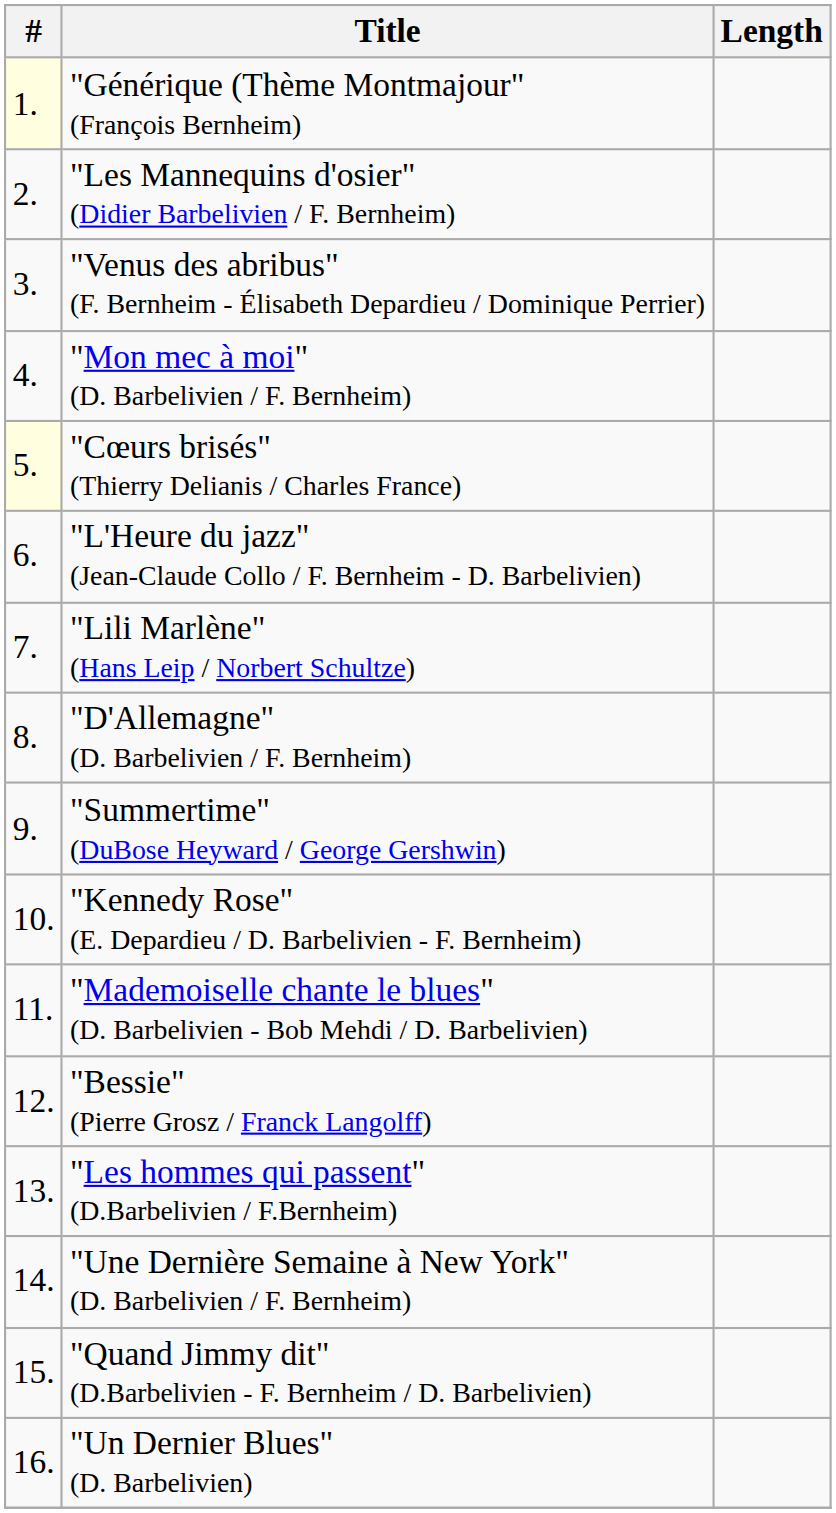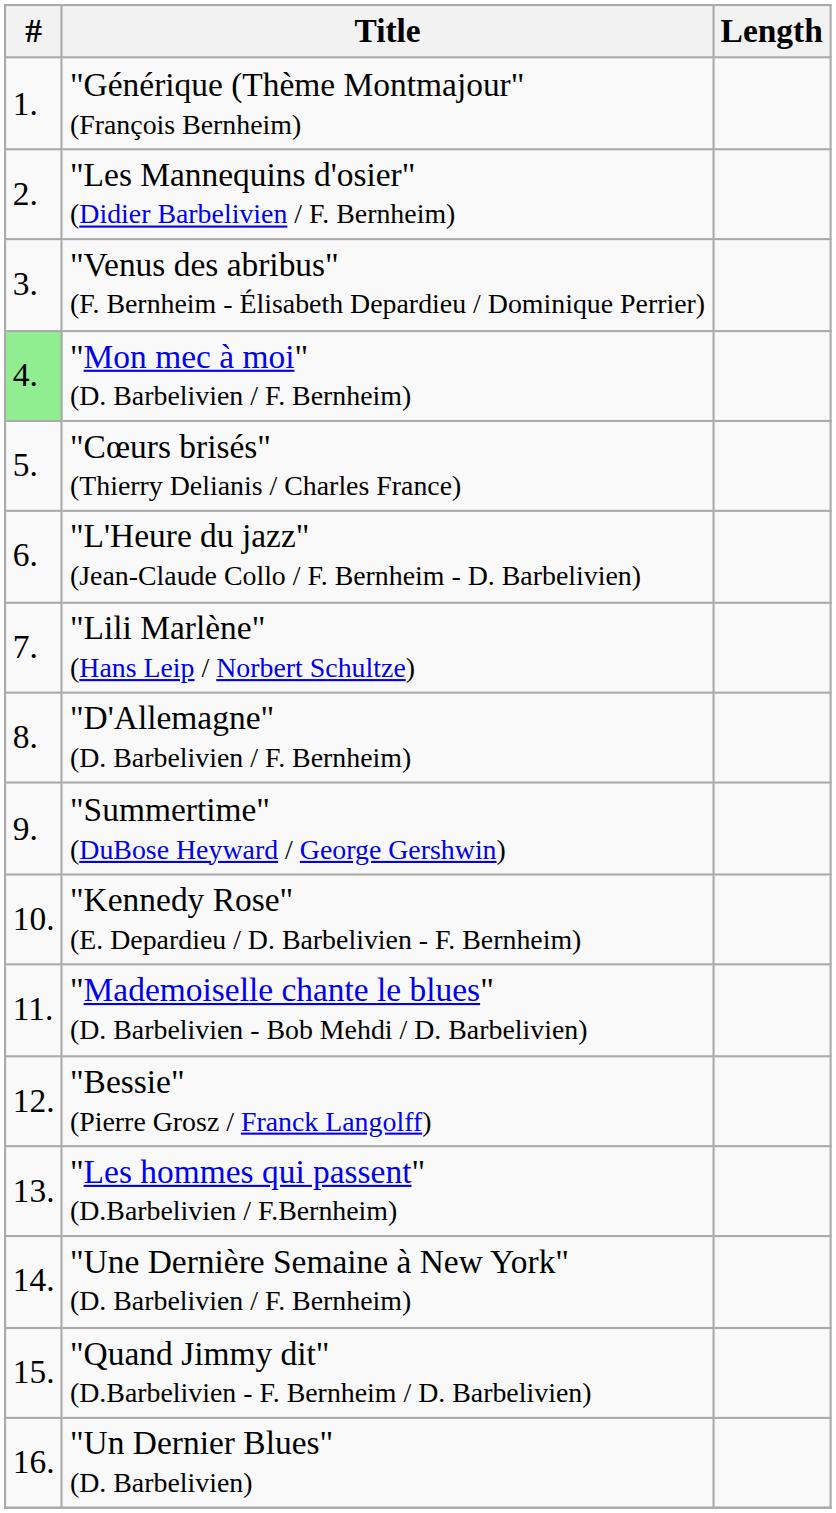 <table class="wikitable" size=80%>
 <tr>
 <th>#</th>
 <th>Title</th>
 <th>Length</th>
 </tr>
 <tr>
-<td style="background: lightyellow;">1.</td>
+<td>1.</td>
 <td>"Générique (Thème Montmajour" <br><small>(François Bernheim)</small></td>
 <td></td>
 </tr>
 <tr>
 <td>2.</td>
 <td>"Les Mannequins d'osier" <br><small>(<a href='#'>Didier Barbelivien</a> / F. Bernheim)</small></td>
 <td></td>
 </tr>
 <tr>
 <td>3.</td>
 <td>"Venus des abribus" <br><small>(F. Bernheim - Élisabeth Depardieu / Dominique Perrier)</small></td>
 <td></td>
 </tr>
 <tr>
-<td>4.</td>
+<td style="background: lightgreen;">4.</td>
 <td>"<a href='#'>Mon mec à moi</a>" <br><small>(D. Barbelivien / F. Bernheim)</small></td>
 <td></td>
 </tr>
 <tr>
-<td style="background: lightyellow;">5.</td>
+<td>5.</td>
 <td>"Cœurs brisés" <br><small>(Thierry Delianis / Charles France)</small></td>
 <td></td>
 </tr>
 <tr>
 <td>6.</td>
 <td>"L'Heure du jazz" <br><small>(Jean-Claude Collo / F. Bernheim - D. Barbelivien)</small></td>
 <td></td>
 </tr>
 <tr>
 <td>7.</td>
 <td>"Lili Marlène" <br><small>(<a href='#'>Hans Leip</a> / <a href='#'>Norbert Schultze</a>)</small></td>
 <td></td>
 </tr>
 <tr>
 <td>8.</td>
 <td>"D'Allemagne" <br><small>(D. Barbelivien / F. Bernheim)</small></td>
 <td></td>
 </tr>
 <tr>
 <td>9.</td>
 <td>"Summertime" <br><small>(<a href='#'>DuBose Heyward</a> / <a href='#'>George Gershwin</a>)</small></td>
 <td></td>
 </tr>
 <tr>
 <td>10.</td>
 <td>"Kennedy Rose" <br><small>(E. Depardieu / D. Barbelivien - F. Bernheim)</small></td>
 <td></td>
 </tr>
 <tr>
 <td>11.</td>
 <td>"<a href='#'>Mademoiselle chante le blues</a>" <br><small>(D. Barbelivien - Bob Mehdi / D. Barbelivien)</small></td>
 <td></td>
 </tr>
 <tr>
 <td>12.</td>
 <td>"Bessie" <br><small>(Pierre Grosz / <a href='#'>Franck Langolff</a>)</small></td>
 <td></td>
 </tr>
 <tr>
 <td>13.</td>
 <td>"<a href='#'>Les hommes qui passent</a>" <br><small>(D.Barbelivien / F.Bernheim)</small></td>
 <td></td>
 </tr>
 <tr>
 <td>14.</td>
 <td>"Une Dernière Semaine à New York" <br><small>(D. Barbelivien / F. Bernheim)</small></td>
 <td></td>
 </tr>
 <tr>
 <td>15.</td>
 <td>"Quand Jimmy dit" <br><small>(D.Barbelivien - F. Bernheim / D. Barbelivien)</small></td>
 <td></td>
 </tr>
 <tr>
 <td>16.</td>
 <td>"Un Dernier Blues" <br><small>(D. Barbelivien)</small></td>
 <td></td>
 </tr>
 <tr>
 </tr>
 </table>
